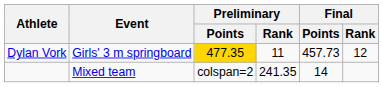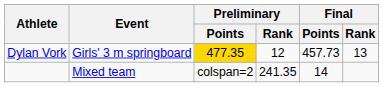 <table class="wikitable" style="text-align:center;font-size:90%">
 <tr>
 <th rowspan=2>Athlete</th>
 <th rowspan=2>Event</th>
 <th colspan=2>Preliminary</th>
 <th colspan=2>Final</th>
 </tr>
 <tr>
 <th>Points</th>
 <th>Rank</th>
 <th>Points</th>
 <th>Rank</th>
 </tr>
 <tr>
 <td align=left><a href='#'>Dylan Vork</a></td>
 <td align=left><a href='#'>Girls' 3 m springboard</a></td>
 <td style="background: gold;">477.35</td>
-<td>11</td>
+<td>12</td>
 <td>457.73</td>
-<td>12</td>
+<td>13</td>
 </tr>
 <tr>
 <td align=left><br></td>
 <td align=left><a href='#'>Mixed team</a></td>
 <td>colspan=2 </td>
 <td>241.35</td>
 <td>14</td>
 </tr>
 </table>
